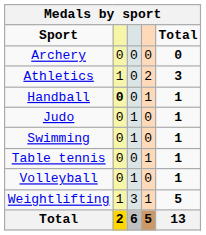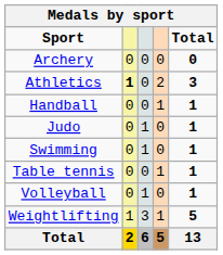 <table class="wikitable" style="font-size:85%">
 <tr style="background:#efefef;">
 <th colspan=7><strong>Medals by sport</strong></th>
 </tr>
 <tr align=center>
 <td><strong>Sport</strong></td>
 <td bgcolor=#f7f6a8></td>
 <td bgcolor=#dce5e5></td>
 <td bgcolor=#ffdab9></td>
 <td><strong>Total</strong></td>
 </tr>
 <tr align=center>
 <td><a href='#'>Archery</a></td>
 <td style="background:#F7F6A8;">0</td>
 <td style="background:#DCE5E5;">0</td>
 <td style="background:#FFDAB9;">0</td>
 <td><strong>0</strong></td>
 </tr>
 <tr align=center>
 <td><a href='#'>Athletics</a></td>
-<td style="background:#F7F6A8;">1</td>
+<td style="background:#F7F6A8;"><strong>1</strong></td>
 <td style="background:#DCE5E5;">0</td>
 <td style="background:#FFDAB9;">2</td>
 <td><strong>3</strong></td>
 </tr>
 <tr align=center>
 <td><a href='#'>Handball</a></td>
-<td style="background:#F7F6A8;"><strong>0</strong></td>
+<td style="background:#F7F6A8;">0</td>
 <td style="background:#DCE5E5;">0</td>
 <td style="background:#FFDAB9;">1</td>
 <td><strong>1</strong></td>
 </tr>
 <tr align=center>
 <td><a href='#'>Judo</a></td>
 <td style="background:#F7F6A8;">0</td>
 <td style="background:#DCE5E5;">1</td>
 <td style="background:#FFDAB9;">0</td>
 <td><strong>1</strong></td>
 </tr>
 <tr align=center>
 <td><a href='#'>Swimming</a></td>
 <td style="background:#F7F6A8;">0</td>
 <td style="background:#DCE5E5;">1</td>
 <td style="background:#FFDAB9;">0</td>
 <td><strong>1</strong></td>
 </tr>
 <tr align=center>
 <td><a href='#'>Table tennis</a></td>
 <td style="background:#F7F6A8;">0</td>
 <td style="background:#DCE5E5;">0</td>
 <td style="background:#FFDAB9;">1</td>
 <td><strong>1</strong></td>
 </tr>
 <tr align=center>
 <td><a href='#'>Volleyball</a></td>
 <td style="background:#F7F6A8;">0</td>
 <td style="background:#DCE5E5;">1</td>
 <td style="background:#FFDAB9;">0</td>
 <td><strong>1</strong></td>
 </tr>
 <tr align=center>
 <td><a href='#'>Weightlifting</a></td>
 <td style="background:#F7F6A8;">1</td>
 <td style="background:#DCE5E5;">3</td>
 <td style="background:#FFDAB9;">1</td>
 <td><strong>5</strong></td>
 </tr>
 <tr align=center>
 <th><strong>Total</strong></th>
 <th style="background:gold;"><strong>2</strong></th>
 <th style="background:silver;"><strong>6</strong></th>
 <th style="background:#c96;"><strong>5</strong></th>
 <th><strong>13</strong></th>
 </tr>
 </table>
